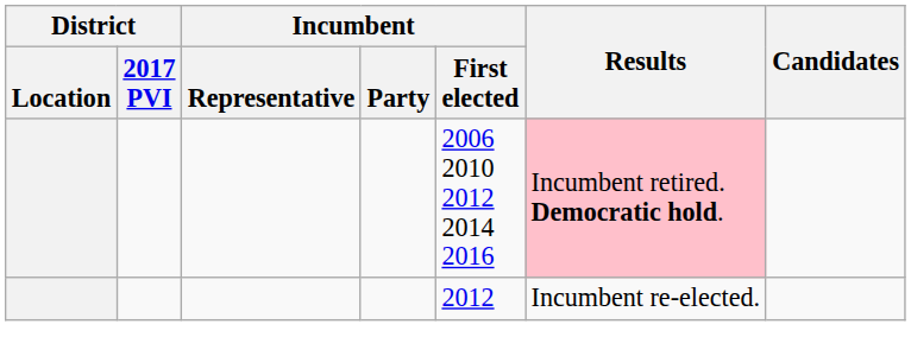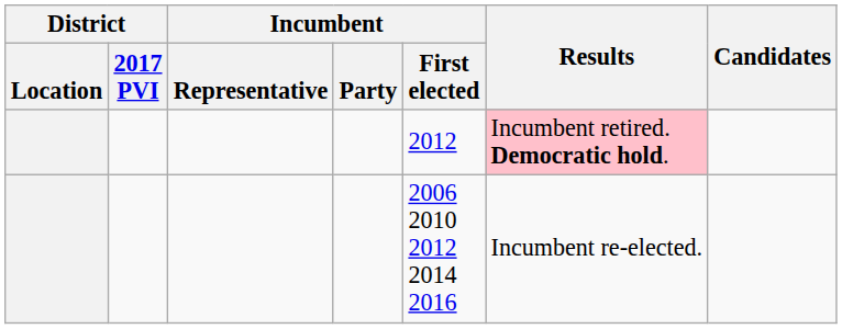 <table class="wikitable sortable">
 <tr>
 <th colspan=2>District</th>
 <th colspan=3>Incumbent</th>
 <th rowspan=2>Results</th>
 <th rowspan=2>Candidates</th>
 </tr>
 <tr valign=bottom>
 <th>Location</th>
 <th><a href='#'>2017<br>PVI</a></th>
 <th>Representative</th>
 <th>Party</th>
 <th>First<br>elected</th>
 </tr>
 <tr>
 <th></th>
 <td></td>
 <td></td>
 <td></td>
-<td><a href='#'>2006</a><br>2010 <br><a href='#'>2012</a><br>2014 <br><a href='#'>2016</a></td>
+<td><a href='#'>2012</a></td>
 <td style="background: pink;">Incumbent retired.<br><strong>Democratic hold</strong>.</td>
 <td nowrap></td>
 </tr>
 <tr>
 <th></th>
 <td></td>
 <td></td>
 <td></td>
-<td><a href='#'>2012</a></td>
+<td><a href='#'>2006</a><br>2010 <br><a href='#'>2012</a><br>2014 <br><a href='#'>2016</a></td>
 <td>Incumbent re-elected.</td>
 <td nowrap></td>
 </tr>
 </table>
